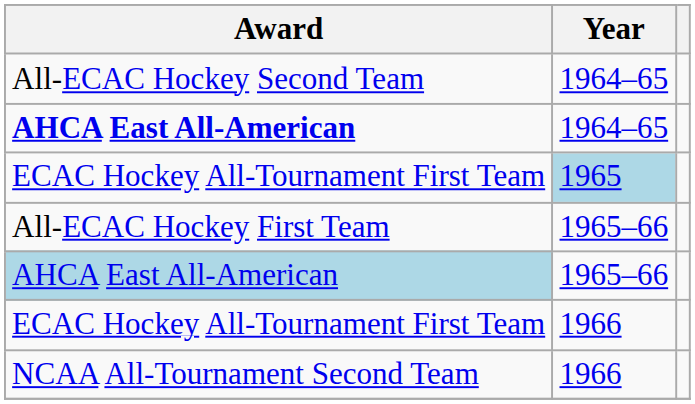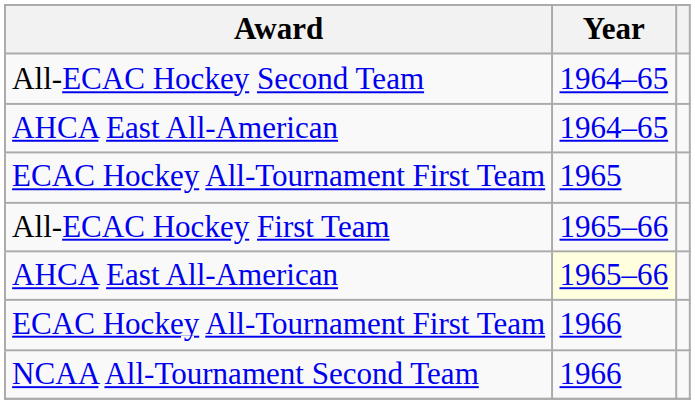 <table class="wikitable">
 <tr>
 <th>Award</th>
 <th>Year</th>
 <th></th>
 </tr>
 <tr>
 <td>All-<a href='#'>ECAC Hockey</a> <a href='#'>Second Team</a></td>
 <td><a href='#'>1964–65</a></td>
 <td></td>
 </tr>
 <tr>
-<td><strong><a href='#'>AHCA</a> <a href='#'>East All-American</a></strong></td>
+<td><a href='#'>AHCA</a> <a href='#'>East All-American</a></td>
 <td><a href='#'>1964–65</a></td>
 <td></td>
 </tr>
 <tr>
 <td><a href='#'>ECAC Hockey</a> <a href='#'>All-Tournament First Team</a></td>
-<td style="background: lightblue;"><a href='#'>1965</a></td>
+<td><a href='#'>1965</a></td>
 <td></td>
 </tr>
 <tr>
 <td>All-<a href='#'>ECAC Hockey</a> <a href='#'>First Team</a></td>
 <td><a href='#'>1965–66</a></td>
 <td></td>
 </tr>
 <tr>
-<td style="background: lightblue;"><a href='#'>AHCA</a> <a href='#'>East All-American</a></td>
-<td><a href='#'>1965–66</a></td>
+<td><a href='#'>AHCA</a> <a href='#'>East All-American</a></td>
+<td style="background: lightyellow;"><a href='#'>1965–66</a></td>
 <td></td>
 </tr>
 <tr>
 <td><a href='#'>ECAC Hockey</a> <a href='#'>All-Tournament First Team</a></td>
 <td><a href='#'>1966</a></td>
 <td></td>
 </tr>
 <tr>
 <td><a href='#'>NCAA</a> <a href='#'>All-Tournament Second Team</a></td>
 <td><a href='#'>1966</a></td>
 <td></td>
 </tr>
 <tr>
 </tr>
 </table>
